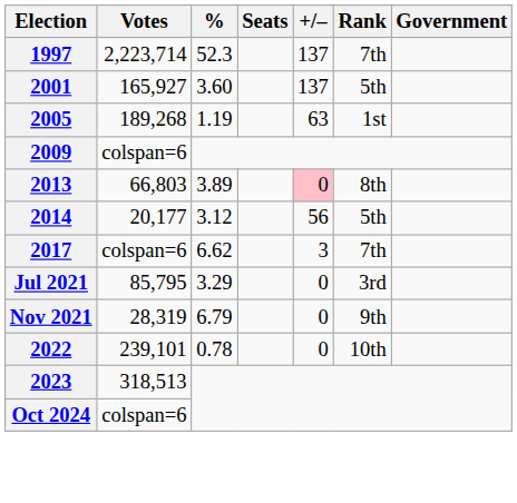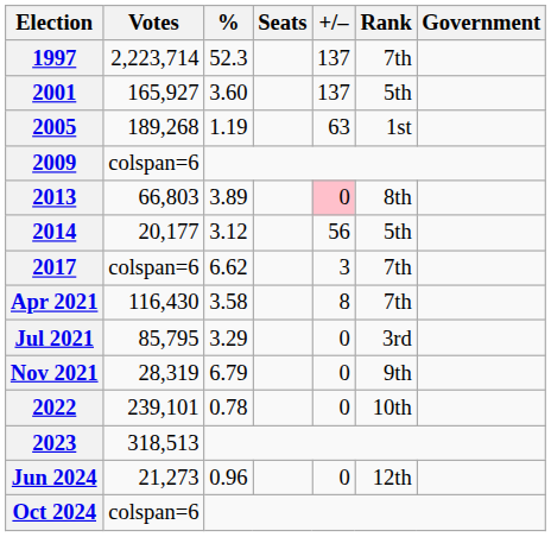 <table class="wikitable" style="text-align:right">
 <tr>
 <th>Election</th>
 <th>Votes</th>
 <th>%</th>
 <th>Seats</th>
 <th>+/–</th>
 <th>Rank</th>
 <th>Government</th>
 </tr>
 <tr>
 <th><a href='#'>1997</a></th>
 <td>2,223,714</td>
 <td>52.3</td>
 <td></td>
 <td> 137</td>
 <td>7th</td>
 <td></td>
 </tr>
 <tr>
 <th><a href='#'>2001</a></th>
 <td>165,927</td>
 <td>3.60</td>
 <td></td>
 <td> 137</td>
 <td>5th</td>
 <td></td>
 </tr>
 <tr>
 <th><a href='#'>2005</a></th>
 <td>189,268</td>
 <td>1.19</td>
 <td></td>
 <td> 63</td>
 <td>1st</td>
 <td></td>
 </tr>
 <tr>
 <th><a href='#'>2009</a></th>
 <td>colspan=6 </td>
 </tr>
 <tr>
 <th><a href='#'>2013</a></th>
 <td>66,803</td>
 <td>3.89</td>
 <td></td>
 <td style="background: pink;"> 0</td>
 <td>8th</td>
 <td></td>
 </tr>
 <tr>
 <th><a href='#'>2014</a></th>
 <td>20,177</td>
 <td>3.12</td>
 <td></td>
 <td> 56</td>
 <td>5th</td>
 <td></td>
 </tr>
 <tr>
 <th><a href='#'>2017</a></th>
 <td>colspan=6 </td>
 <td>6.62</td>
 <td></td>
 <td> 3</td>
 <td>7th</td>
 <td></td>
 </tr>
 <tr>
+<th><a href='#'>Apr 2021</a></th>
+<td>116,430</td>
+<td>3.58</td>
+<td></td>
+<td> 8</td>
+<td>7th</td>
+<td></td>
+</tr>
+<tr>
 <th><a href='#'>Jul 2021</a></th>
 <td>85,795</td>
 <td>3.29</td>
 <td></td>
 <td> 0</td>
 <td>3rd</td>
 <td></td>
 </tr>
 <tr>
 <th><a href='#'>Nov 2021</a></th>
 <td>28,319</td>
 <td>6.79</td>
 <td></td>
 <td> 0</td>
 <td>9th</td>
 <td></td>
 </tr>
 <tr>
 <th><a href='#'>2022</a></th>
 <td>239,101</td>
 <td>0.78</td>
 <td></td>
 <td> 0</td>
 <td>10th</td>
 <td></td>
 </tr>
 <tr>
 <th><a href='#'>2023</a></th>
 <td>318,513</td>
 </tr>
 <tr>
+<th><a href='#'>Jun 2024</a></th>
+<td>21,273</td>
+<td>0.96</td>
+<td></td>
+<td> 0</td>
+<td>12th</td>
+<td></td>
+</tr>
+<tr>
 <th><a href='#'>Oct 2024</a></th>
 <td>colspan=6 </td>
 </tr>
 </table>
